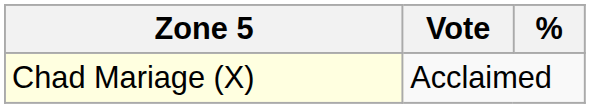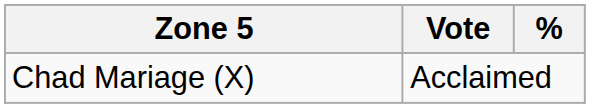 <table class="wikitable">
 <tr>
 <th width="200px">Zone 5</th>
 <th width="50px">Vote</th>
 <th width="30px">%</th>
 </tr>
 <tr>
-<td style="background: lightyellow;">Chad Mariage (X)</td>
+<td>Chad Mariage (X)</td>
 <td colspan="2">Acclaimed</td>
 </tr>
 </table>
